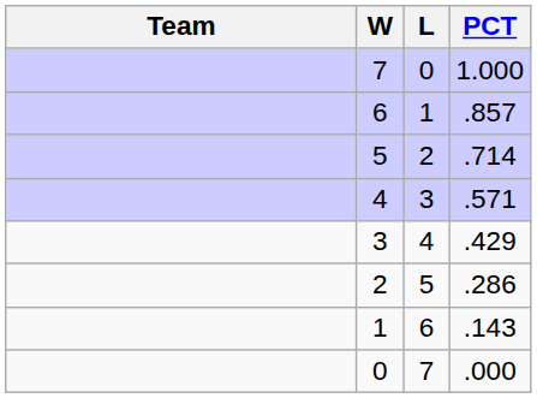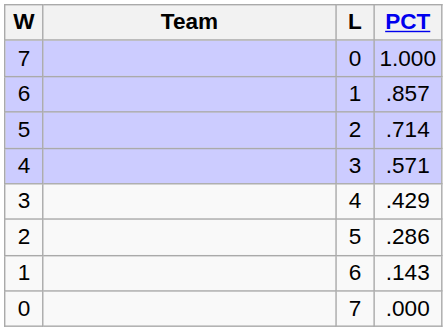 <table class="wikitable" style="text-align:center;">
 <tr>
+<th width=20px>W</th>
 <th width=200px>Team</th>
-<th width=20px>W</th>
 <th width=20px>L</th>
 <th width=30px><a href='#'>PCT</a></th>
 </tr>
 <tr bgcolor="#CCCCFF">
+<td>7</td>
 <td align=left></td>
-<td>7</td>
 <td>0</td>
 <td>1.000</td>
 </tr>
 <tr bgcolor="#CCCCFF">
+<td>6</td>
 <td align=left></td>
-<td>6</td>
 <td>1</td>
 <td>.857</td>
 </tr>
 <tr bgcolor="#CCCCFF">
+<td>5</td>
 <td align=left></td>
-<td>5</td>
 <td>2</td>
 <td>.714</td>
 </tr>
 <tr bgcolor="#CCCCFF">
+<td>4</td>
 <td align=left></td>
-<td>4</td>
 <td>3</td>
 <td>.571</td>
 </tr>
 <tr>
+<td>3</td>
 <td align=left><strong></strong></td>
-<td>3</td>
 <td>4</td>
 <td>.429</td>
 </tr>
 <tr>
+<td>2</td>
 <td align=left></td>
-<td>2</td>
 <td>5</td>
 <td>.286</td>
 </tr>
 <tr>
+<td>1</td>
 <td align=left></td>
-<td>1</td>
 <td>6</td>
 <td>.143</td>
 </tr>
 <tr>
+<td>0</td>
 <td align=left></td>
-<td>0</td>
 <td>7</td>
 <td>.000</td>
 </tr>
 </table>
